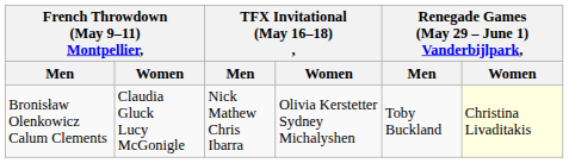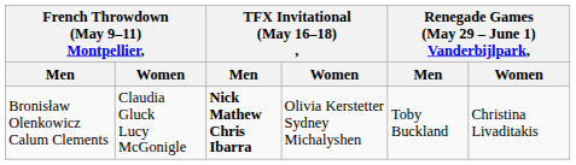 <table class="wikitable">
 <tr>
 <th colspan="2">French Throwdown<br>(May 9–11)<br><a href='#'>Montpellier</a>, </th>
 <th colspan="2">TFX Invitational<br>(May 16–18)<br>, </th>
 <th colspan="2">Renegade Games<br>(May 29 – June 1) <br><a href='#'>Vanderbijlpark</a>, </th>
 </tr>
 <tr>
 <th>Men</th>
 <th>Women</th>
 <th>Men</th>
 <th>Women</th>
 <th>Men</th>
 <th>Women</th>
 </tr>
 <tr>
 <td> Bronisław Olenkowicz<br> Calum Clements</td>
 <td> Claudia Gluck<br> Lucy McGonigle</td>
-<td> Nick Mathew<br> Chris Ibarra</td>
+<td><strong> Nick Mathew<br> Chris Ibarra</strong></td>
 <td> Olivia Kerstetter <br> Sydney  Michalyshen</td>
 <td> Toby Buckland</td>
-<td style="background: lightyellow;"> Christina Livaditakis</td>
+<td> Christina Livaditakis</td>
 </tr>
 </table>
